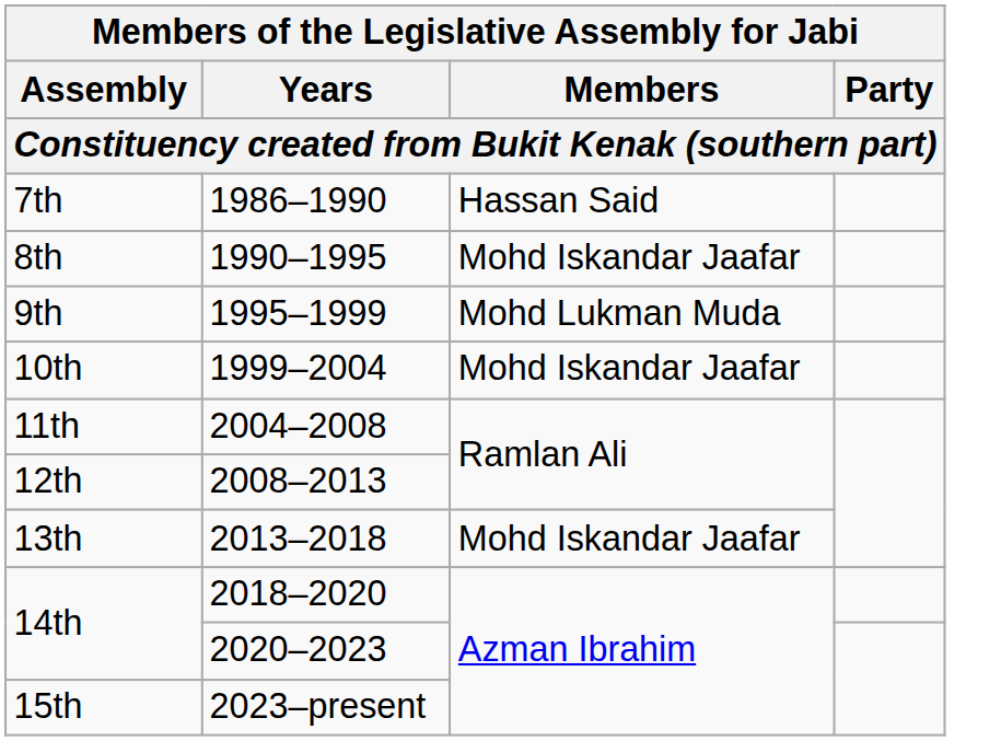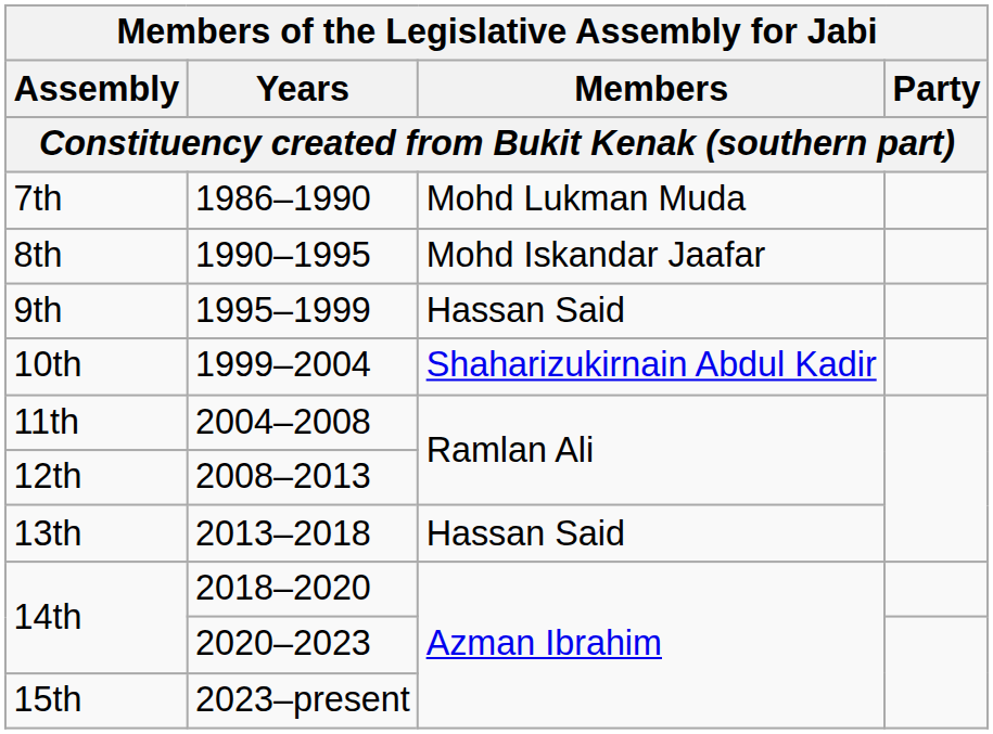 <table class="wikitable">
 <tr>
 <th colspan="4">Members of the Legislative Assembly for Jabi</th>
 </tr>
 <tr>
 <th>Assembly</th>
 <th>Years</th>
 <th>Members</th>
 <th>Party</th>
 </tr>
 <tr>
 <th colspan="4"><em>Constituency created from Bukit Kenak (southern part)</em></th>
 </tr>
 <tr>
 <td>7th</td>
 <td>1986–1990</td>
-<td>Hassan Said</td>
+<td>Mohd Lukman Muda</td>
 <td></td>
 </tr>
 <tr>
 <td>8th</td>
 <td>1990–1995</td>
 <td>Mohd Iskandar Jaafar</td>
 <td></td>
 </tr>
 <tr>
 <td>9th</td>
 <td>1995–1999</td>
-<td>Mohd Lukman Muda</td>
+<td>Hassan Said</td>
 <td></td>
 </tr>
 <tr>
 <td>10th</td>
 <td>1999–2004</td>
-<td>Mohd Iskandar Jaafar</td>
+<td><a href='#'>Shaharizukirnain Abdul Kadir</a></td>
 <td></td>
 </tr>
 <tr>
 <td>11th</td>
 <td>2004–2008</td>
 <td rowspan="2">Ramlan Ali</td>
 <td rowspan="3"></td>
 </tr>
 <tr>
 <td>12th</td>
 <td>2008–2013</td>
 </tr>
 <tr>
 <td>13th</td>
 <td>2013–2018</td>
-<td>Mohd Iskandar Jaafar</td>
+<td>Hassan Said</td>
 </tr>
 <tr>
 <td rowspan="2">14th</td>
 <td>2018–2020</td>
 <td rowspan="3"><a href='#'>Azman Ibrahim</a></td>
 <td></td>
 </tr>
 <tr>
 <td>2020–2023</td>
 <td rowspan=2></td>
 </tr>
 <tr>
 <td>15th</td>
 <td>2023–present</td>
 </tr>
 </table>
